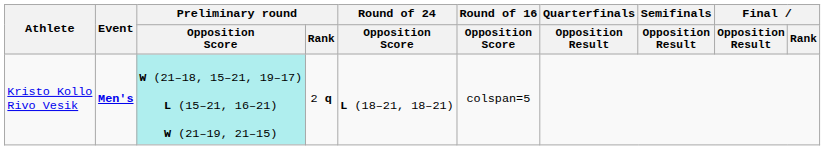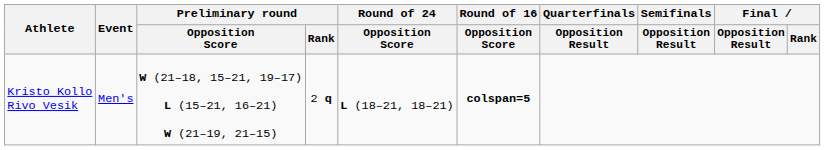 <table class="wikitable" style="font-size:90%">
 <tr align=center>
 <th rowspan=2>Athlete</th>
 <th rowspan=2>Event</th>
 <th colspan=2>Preliminary round</th>
 <th>Round of 24</th>
 <th>Round of 16</th>
 <th>Quarterfinals</th>
 <th>Semifinals</th>
 <th colspan=2>Final / </th>
 </tr>
 <tr style="font-size:95%">
 <th>Opposition<br>Score</th>
 <th>Rank</th>
 <th>Opposition<br>Score</th>
 <th>Opposition<br>Score</th>
 <th>Opposition<br>Result</th>
 <th>Opposition<br>Result</th>
 <th>Opposition<br>Result</th>
 <th>Rank</th>
 </tr>
 <tr align=center>
 <td align=left><a href='#'>Kristo Kollo</a><br><a href='#'>Rivo Vesik</a></td>
-<td align=left><strong><a href='#'>Men's</a></strong></td>
-<td style="background: paleturquoise;"><br><strong>W</strong> (21–18, 15–21, 19–17)<br><br><strong>L</strong> (15–21, 16–21)<br><br><strong>W</strong> (21–19, 21–15)</td>
+<td align=left><a href='#'>Men's</a></td>
+<td><br><strong>W</strong> (21–18, 15–21, 19–17)<br><br><strong>L</strong> (15–21, 16–21)<br><br><strong>W</strong> (21–19, 21–15)</td>
 <td>2 <strong>q</strong></td>
 <td><br><strong>L</strong> (18–21, 18–21)</td>
-<td>colspan=5 </td>
+<td><strong>colspan=5 </strong></td>
 </tr>
 </table>
